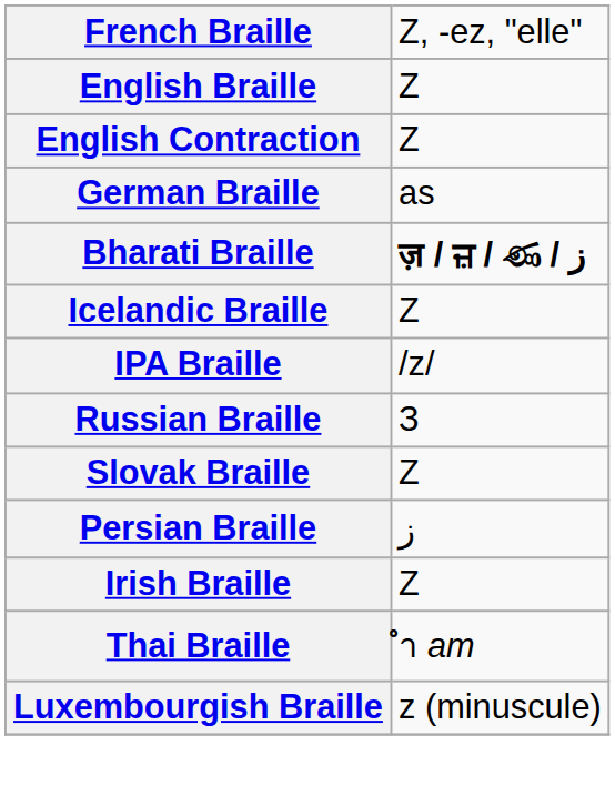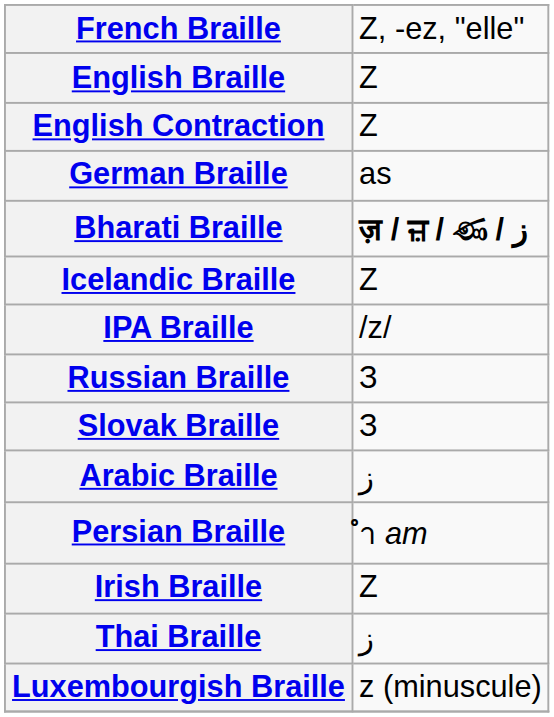 <table class="wikitable">
 <tr>
 <th align=left><a href='#'>French Braille</a></th>
 <td>Z, -ez, "elle"</td>
 </tr>
 <tr>
 <th align=left><a href='#'>English Braille</a></th>
 <td>Z</td>
 </tr>
 <tr>
 <th align=left><a href='#'>English Contraction</a></th>
 <td>Z</td>
 </tr>
 <tr>
 <th align=left><a href='#'>German Braille</a></th>
 <td>as</td>
 </tr>
 <tr>
 <th align=left><a href='#'>Bharati Braille</a></th>
 <td><strong>ज़ / ਜ਼ / ණ / ز ‎</strong></td>
 </tr>
 <tr>
 <th align=left><a href='#'>Icelandic Braille</a></th>
 <td>Z</td>
 </tr>
 <tr>
 <th align=left><a href='#'>IPA Braille</a></th>
 <td>/z/</td>
 </tr>
 <tr>
 <th align=left><a href='#'>Russian Braille</a></th>
 <td>З</td>
 </tr>
 <tr>
 <th align=left><a href='#'>Slovak Braille</a></th>
-<td>Z</td>
+<td>З</td>
+</tr>
+<tr>
+<th align=left><a href='#'>Arabic Braille</a></th>
+<td>ز</td>
 </tr>
 <tr>
 <th align=left><a href='#'>Persian Braille</a></th>
-<td>ز</td>
+<td>ำ <em>am</em></td>
 </tr>
 <tr>
 <th align=left><a href='#'>Irish Braille</a></th>
 <td>Z</td>
 </tr>
 <tr>
 <th align=left><a href='#'>Thai Braille</a></th>
-<td>ำ <em>am</em></td>
+<td>ز</td>
 </tr>
 <tr>
 <th align=left><a href='#'>Luxembourgish Braille</a></th>
 <td>z (minuscule)</td>
 </tr>
 <tr>
 </tr>
 </table>
